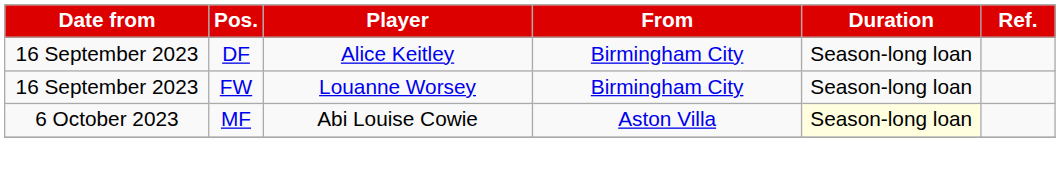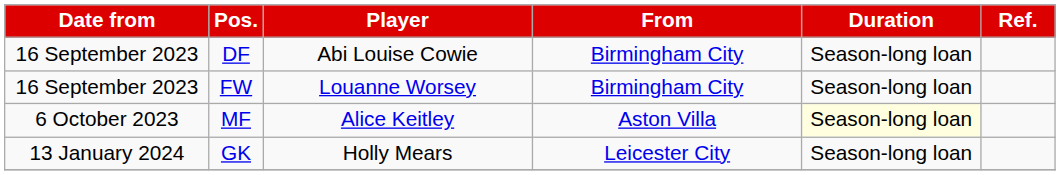 <table class="wikitable" style="text-align:center;">
 <tr>
 <th style="background:#DD0000; color:#FFFFFF; width:150px;">Date from</th>
 <th style="background:#DD0000; color:#FFFFFF; width:20px;">Pos.</th>
 <th style="background:#DD0000; color:#FFFFFF; width:200px;">Player</th>
 <th style="background:#DD0000; color:#FFFFFF; width:200px;">From</th>
 <th style="background:#DD0000; color:#FFFFFF; width:130px;">Duration</th>
 <th style="background:#DD0000; color:#FFFFFF; width:50px;">Ref.</th>
 </tr>
 <tr>
 <td>16 September 2023</td>
 <td><a href='#'>DF</a></td>
-<td><a href='#'>Alice Keitley</a></td>
+<td>Abi Louise Cowie</td>
 <td><a href='#'>Birmingham City</a></td>
 <td>Season-long loan</td>
 <td></td>
 </tr>
 <tr>
 <td>16 September 2023</td>
 <td><a href='#'>FW</a></td>
 <td><a href='#'>Louanne Worsey</a></td>
 <td><a href='#'>Birmingham City</a></td>
 <td>Season-long loan</td>
 <td></td>
 </tr>
 <tr>
 <td>6 October 2023</td>
 <td><a href='#'>MF</a></td>
-<td>Abi Louise Cowie</td>
+<td><a href='#'>Alice Keitley</a></td>
 <td><a href='#'>Aston Villa</a></td>
 <td style="background: lightyellow;">Season-long loan</td>
 <td></td>
 </tr>
 <tr>
+<td>13 January 2024</td>
+<td><a href='#'>GK</a></td>
+<td>Holly Mears</td>
+<td><a href='#'>Leicester City</a></td>
+<td>Season-long loan</td>
+<td></td>
+</tr>
+<tr>
 </tr>
 </table>
